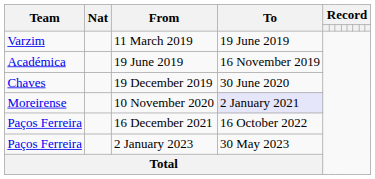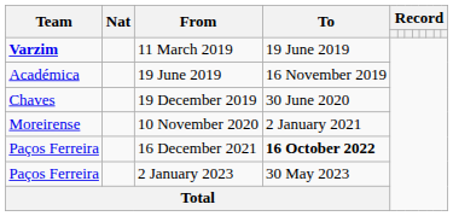 <table class=wikitable style="text-align: center">
 <tr>
 <th rowspan="2">Team</th>
 <th rowspan="2">Nat</th>
 <th rowspan="2">From</th>
 <th rowspan="2">To</th>
 <th colspan="8">Record</th>
 </tr>
 <tr>
 <th></th>
 <th></th>
 <th></th>
 <th></th>
 <th></th>
 <th></th>
 <th></th>
 <th></th>
 </tr>
 <tr>
-<td align=left><a href='#'>Varzim</a></td>
+<td align=left><strong><a href='#'>Varzim</a></strong></td>
 <td></td>
 <td align=left>11 March 2019</td>
 <td align=left>19 June 2019<br></td>
 </tr>
 <tr>
 <td align=left><a href='#'>Académica</a></td>
 <td></td>
 <td align=left>19 June 2019</td>
 <td align=left>16 November 2019<br></td>
 </tr>
 <tr>
 <td align=left><a href='#'>Chaves</a></td>
 <td></td>
 <td align=left>19 December 2019</td>
 <td align=left>30 June 2020<br></td>
 </tr>
 <tr>
 <td align=left><a href='#'>Moreirense</a></td>
 <td></td>
 <td align=left>10 November 2020</td>
-<td align=left style="background: lavender;">2 January 2021<br></td>
+<td align=left>2 January 2021<br></td>
 </tr>
 <tr>
 <td align=left><a href='#'>Paços Ferreira</a></td>
 <td></td>
 <td align=left>16 December 2021</td>
-<td align=left>16 October 2022<br></td>
+<td align=left><strong>16 October 2022<br></strong></td>
 </tr>
 <tr>
 <td align=left><a href='#'>Paços Ferreira</a></td>
 <td></td>
 <td align=left>2 January 2023</td>
 <td align=left>30 May 2023<br></td>
 </tr>
 <tr>
 <th colspan=4>Total<br></th>
 </tr>
 </table>
